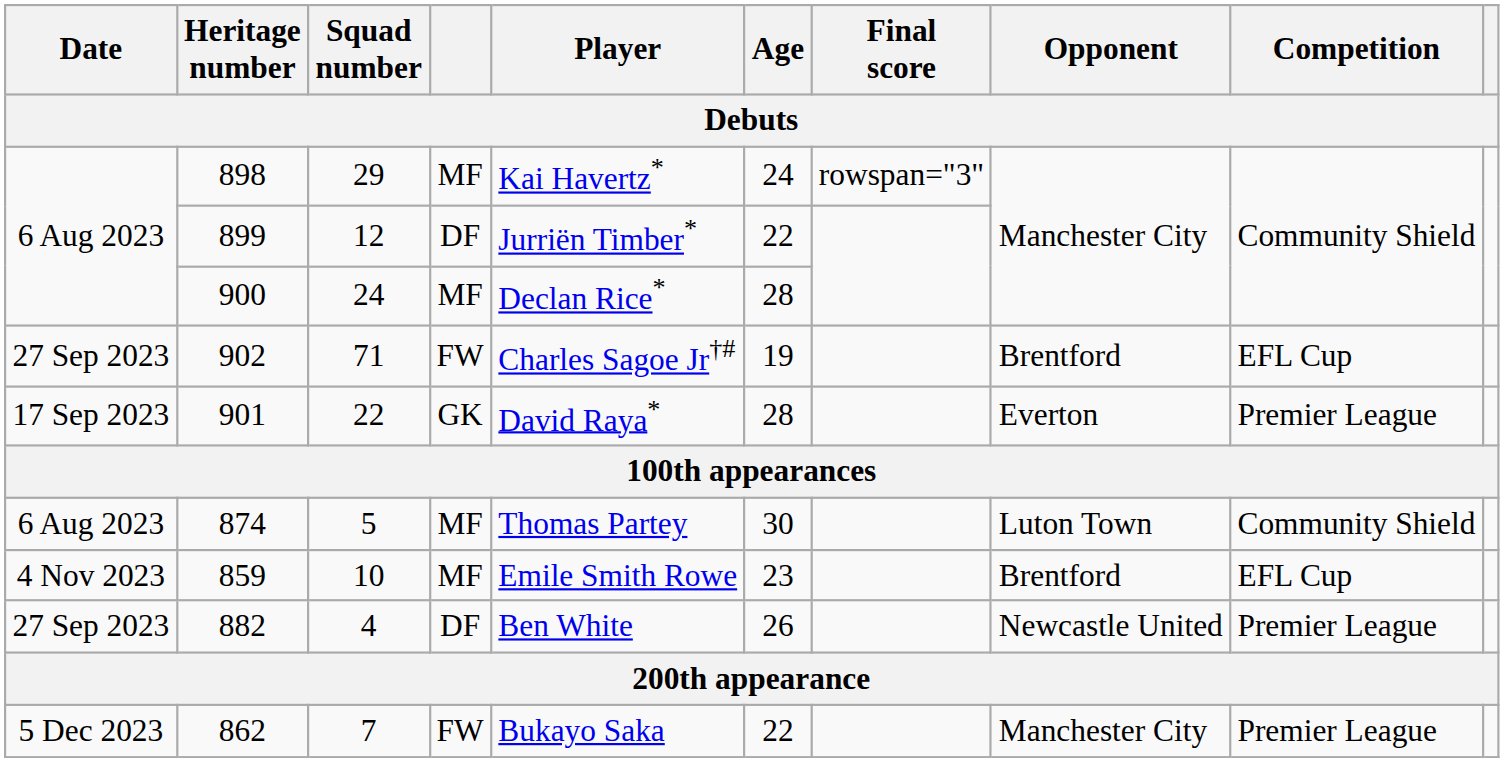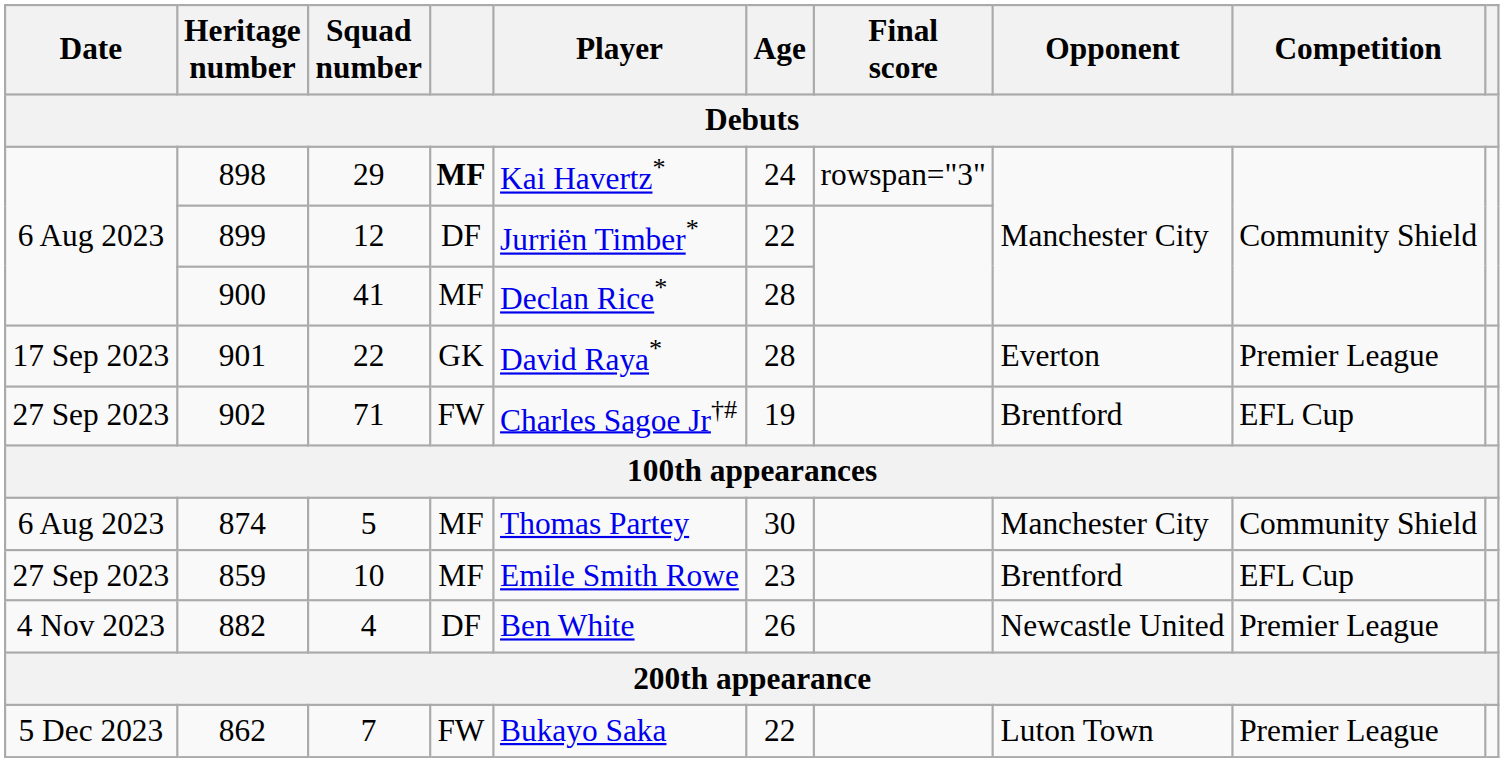 <table class="wikitable" style="text-align:center; font-size:90%;">
 <tr>
 <th>Date</th>
 <th>Heritage<br>number</th>
 <th>Squad<br>number</th>
 <th></th>
 <th>Player</th>
 <th>Age</th>
 <th>Final<br>score</th>
 <th>Opponent</th>
 <th>Competition</th>
 <th></th>
 </tr>
 <tr>
 <th colspan="10">Debuts</th>
 </tr>
 <tr>
 <td rowspan="3">6 Aug 2023</td>
 <td>898</td>
 <td>29</td>
-<td>MF</td>
+<td><strong>MF</strong></td>
 <td style="text-align:left;"> <a href='#'>Kai Havertz</a><sup>*</sup></td>
 <td>24</td>
 <td>rowspan="3" </td>
 <td rowspan="3" style="text-align:left;">Manchester City</td>
 <td rowspan="3" style="text-align:left;">Community Shield</td>
 <td rowspan="3"></td>
 </tr>
 <tr>
 <td>899</td>
 <td>12</td>
 <td>DF</td>
 <td style="text-align:left;"> <a href='#'>Jurriën Timber</a><sup>*</sup></td>
 <td>22</td>
 </tr>
 <tr>
 <td>900</td>
-<td>24</td>
+<td>41</td>
 <td>MF</td>
 <td style="text-align:left;"> <a href='#'>Declan Rice</a><sup>*</sup></td>
 <td>28</td>
+</tr>
+<tr>
+<td>17 Sep 2023</td>
+<td>901</td>
+<td>22</td>
+<td>GK</td>
+<td style="text-align:left;"> <a href='#'>David Raya</a><sup>*</sup></td>
+<td>28</td>
+<td></td>
+<td style="text-align:left;">Everton</td>
+<td style="text-align:left;">Premier League</td>
+<td></td>
 </tr>
 <tr>
 <td>27 Sep 2023</td>
 <td>902</td>
 <td>71</td>
 <td>FW</td>
 <td style="text-align:left;"> <a href='#'>Charles Sagoe Jr</a><sup>†#</sup></td>
 <td>19</td>
 <td></td>
 <td style="text-align:left;">Brentford</td>
 <td style="text-align:left;">EFL Cup</td>
 <td></td>
 </tr>
 <tr>
-<td>17 Sep 2023</td>
-<td>901</td>
-<td>22</td>
-<td>GK</td>
-<td style="text-align:left;"> <a href='#'>David Raya</a><sup>*</sup></td>
-<td>28</td>
-<td></td>
-<td style="text-align:left;">Everton</td>
-<td style="text-align:left;">Premier League</td>
-<td></td>
-</tr>
-<tr>
 <th colspan="10">100th appearances</th>
 </tr>
 <tr>
 <td>6 Aug 2023</td>
 <td>874</td>
 <td>5</td>
 <td>MF</td>
 <td style="text-align:left;"> <a href='#'>Thomas Partey</a></td>
 <td>30</td>
 <td></td>
-<td style="text-align:left;">Luton Town</td>
+<td style="text-align:left;">Manchester City</td>
 <td style="text-align:left;">Community Shield</td>
 <td></td>
 </tr>
 <tr>
-<td>4 Nov 2023</td>
+<td>27 Sep 2023</td>
 <td>859</td>
 <td>10</td>
 <td>MF</td>
 <td style="text-align:left;"> <a href='#'>Emile Smith Rowe</a></td>
 <td>23</td>
 <td></td>
 <td style="text-align:left;">Brentford</td>
 <td style="text-align:left;">EFL Cup</td>
 <td></td>
 </tr>
 <tr>
-<td>27 Sep 2023</td>
+<td>4 Nov 2023</td>
 <td>882</td>
 <td>4</td>
 <td>DF</td>
 <td style="text-align:left;"> <a href='#'>Ben White</a></td>
 <td>26</td>
 <td></td>
 <td style="text-align:left;">Newcastle United</td>
 <td style="text-align:left;">Premier League</td>
 <td></td>
 </tr>
 <tr>
 <th colspan="10">200th appearance</th>
 </tr>
 <tr>
 <td>5 Dec 2023</td>
 <td>862</td>
 <td>7</td>
 <td>FW</td>
 <td style="text-align:left;"> <a href='#'>Bukayo Saka</a></td>
 <td>22</td>
 <td></td>
-<td style="text-align:left;">Manchester City</td>
+<td style="text-align:left;">Luton Town</td>
 <td style="text-align:left;">Premier League</td>
 <td></td>
 </tr>
 </table>
